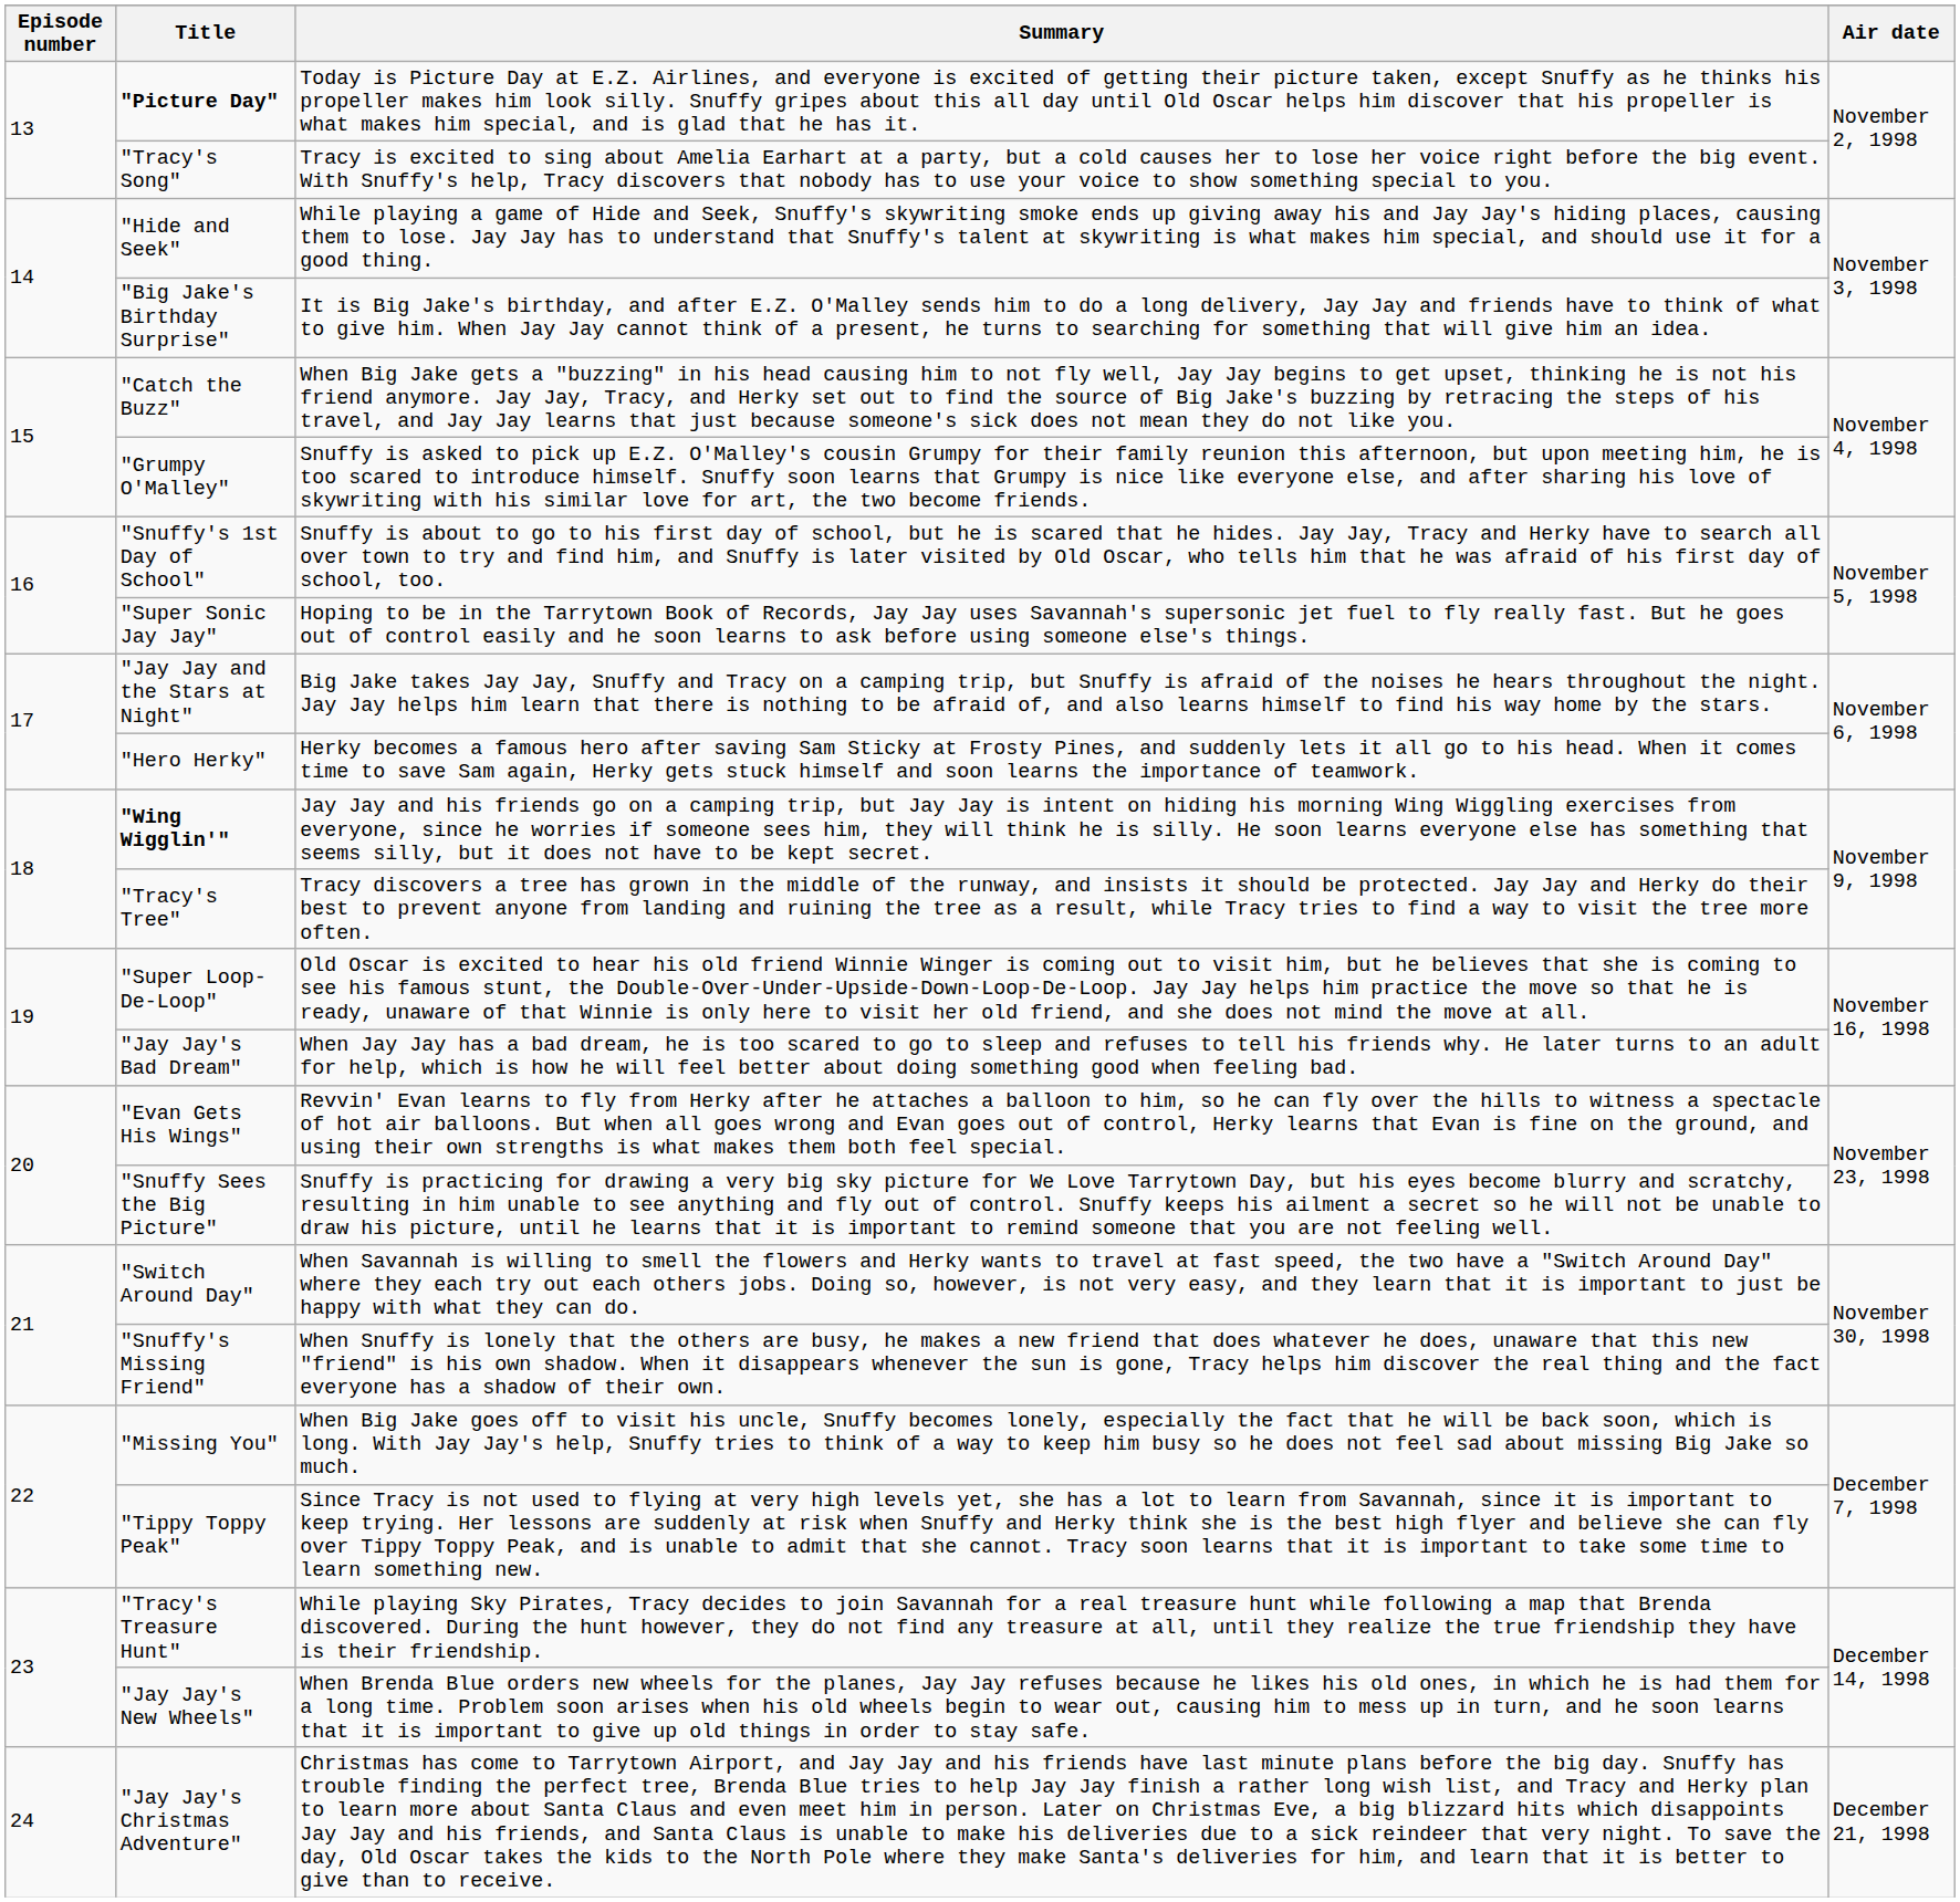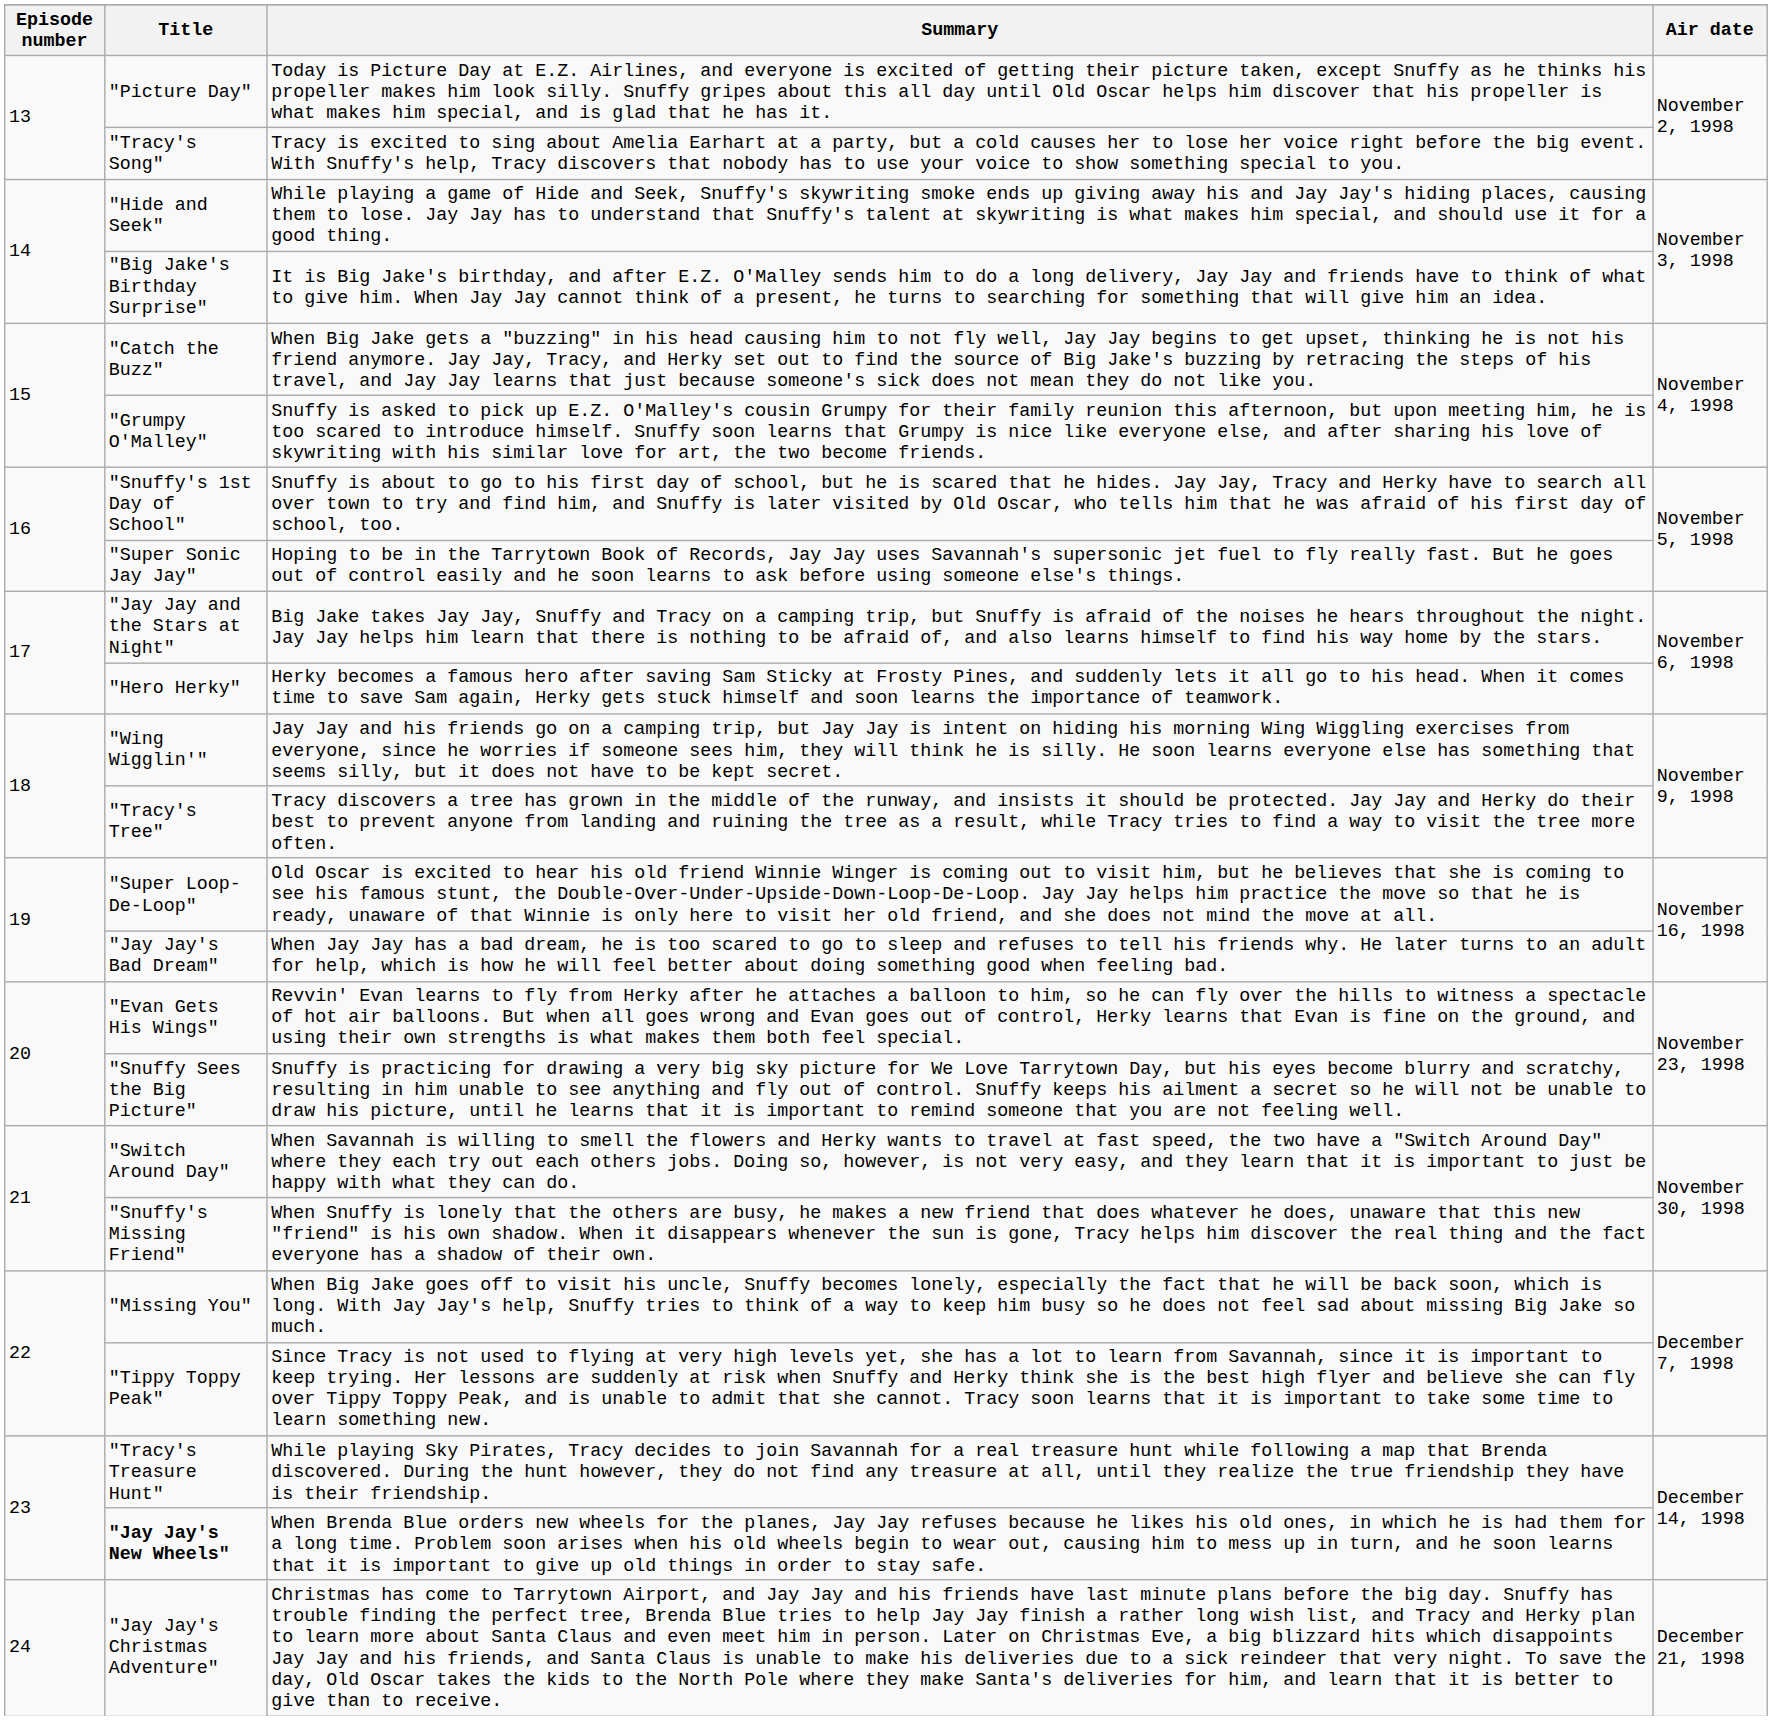 <table class="wikitable">
 <tr style="background-color:#f03;text-align:center;">
 </tr>
 <tr>
 <th>Episode number</th>
 <th>Title</th>
 <th>Summary</th>
 <th>Air date</th>
 </tr>
 <tr>
 <td rowspan="2">13</td>
-<td><strong>"Picture Day"</strong></td>
+<td>"Picture Day"</td>
 <td>Today is Picture Day at E.Z. Airlines, and everyone is excited of getting their picture taken, except Snuffy as he thinks his propeller makes him look silly. Snuffy gripes about this all day until Old Oscar helps him discover that his propeller is what makes him special, and is glad that he has it.</td>
 <td rowspan="2">November 2, 1998</td>
 </tr>
 <tr>
 <td>"Tracy's Song"</td>
 <td>Tracy is excited to sing about Amelia Earhart at a party, but a cold causes her to lose her voice right before the big event. With Snuffy's help, Tracy discovers that nobody has to use your voice to show something special to you.</td>
 </tr>
 <tr>
 <td rowspan="2">14</td>
 <td>"Hide and Seek"</td>
 <td>While playing a game of Hide and Seek, Snuffy's skywriting smoke ends up giving away his and Jay Jay's hiding places, causing them to lose. Jay Jay has to understand that Snuffy's talent at skywriting is what makes him special, and should use it for a good thing.</td>
 <td rowspan="2">November 3, 1998</td>
 </tr>
 <tr>
 <td>"Big Jake's Birthday Surprise"</td>
 <td>It is Big Jake's birthday, and after E.Z. O'Malley sends him to do a long delivery, Jay Jay and friends have to think of what to give him. When Jay Jay cannot think of a present, he turns to searching for something that will give him an idea.</td>
 </tr>
 <tr>
 <td rowspan="2">15</td>
 <td>"Catch the Buzz"</td>
 <td>When Big Jake gets a "buzzing" in his head causing him to not fly well, Jay Jay begins to get upset, thinking he is not his friend anymore. Jay Jay, Tracy, and Herky set out to find the source of Big Jake's buzzing by retracing the steps of his travel, and Jay Jay learns that just because someone's sick does not mean they do not like you.</td>
 <td rowspan="2">November 4, 1998</td>
 </tr>
 <tr>
 <td>"Grumpy O'Malley"</td>
 <td>Snuffy is asked to pick up E.Z. O'Malley's cousin Grumpy for their family reunion this afternoon, but upon meeting him, he is too scared to introduce himself. Snuffy soon learns that Grumpy is nice like everyone else, and after sharing his love of skywriting with his similar love for art, the two become friends.</td>
 </tr>
 <tr>
 <td rowspan="2">16</td>
 <td>"Snuffy's 1st Day of School"</td>
 <td>Snuffy is about to go to his first day of school, but he is scared that he hides. Jay Jay, Tracy and Herky have to search all over town to try and find him, and Snuffy is later visited by Old Oscar, who tells him that he was afraid of his first day of school, too.</td>
 <td rowspan="2">November 5, 1998</td>
 </tr>
 <tr>
 <td>"Super Sonic Jay Jay"</td>
 <td>Hoping to be in the Tarrytown Book of Records, Jay Jay uses Savannah's supersonic jet fuel to fly really fast. But he goes out of control easily and he soon learns to ask before using someone else's things.</td>
 </tr>
 <tr>
 <td rowspan="2">17</td>
 <td>"Jay Jay and the Stars at Night"</td>
 <td>Big Jake takes Jay Jay, Snuffy and Tracy on a camping trip, but Snuffy is afraid of the noises he hears throughout the night. Jay Jay helps him learn that there is nothing to be afraid of, and also learns himself to find his way home by the stars.</td>
 <td rowspan="2">November 6, 1998</td>
 </tr>
 <tr>
 <td>"Hero Herky"</td>
 <td>Herky becomes a famous hero after saving Sam Sticky at Frosty Pines, and suddenly lets it all go to his head. When it comes time to save Sam again, Herky gets stuck himself and soon learns the importance of teamwork.</td>
 </tr>
 <tr>
 <td rowspan="2">18</td>
-<td><strong>"Wing Wigglin'"</strong></td>
+<td>"Wing Wigglin'"</td>
 <td>Jay Jay and his friends go on a camping trip, but Jay Jay is intent on hiding his morning Wing Wiggling exercises from everyone, since he worries if someone sees him, they will think he is silly. He soon learns everyone else has something that seems silly, but it does not have to be kept secret.</td>
 <td rowspan="2">November 9, 1998</td>
 </tr>
 <tr>
 <td>"Tracy's Tree"</td>
 <td>Tracy discovers a tree has grown in the middle of the runway, and insists it should be protected. Jay Jay and Herky do their best to prevent anyone from landing and ruining the tree as a result, while Tracy tries to find a way to visit the tree more often.</td>
 </tr>
 <tr>
 <td rowspan="2">19</td>
 <td>"Super Loop-De-Loop"</td>
 <td>Old Oscar is excited to hear his old friend Winnie Winger is coming out to visit him, but he believes that she is coming to see his famous stunt, the Double-Over-Under-Upside-Down-Loop-De-Loop. Jay Jay helps him practice the move so that he is ready, unaware of that Winnie is only here to visit her old friend, and she does not mind the move at all.</td>
 <td rowspan="2">November 16, 1998</td>
 </tr>
 <tr>
 <td>"Jay Jay's Bad Dream"</td>
 <td>When Jay Jay has a bad dream, he is too scared to go to sleep and refuses to tell his friends why. He later turns to an adult for help, which is how he will feel better about doing something good when feeling bad.</td>
 </tr>
 <tr>
 <td rowspan="2">20</td>
 <td>"Evan Gets His Wings"</td>
 <td>Revvin' Evan learns to fly from Herky after he attaches a balloon to him, so he can fly over the hills to witness a spectacle of hot air balloons. But when all goes wrong and Evan goes out of control, Herky learns that Evan is fine on the ground, and using their own strengths is what makes them both feel special.</td>
 <td rowspan="2">November 23, 1998</td>
 </tr>
 <tr>
 <td>"Snuffy Sees the Big Picture"</td>
 <td>Snuffy is practicing for drawing a very big sky picture for We Love Tarrytown Day, but his eyes become blurry and scratchy, resulting in him unable to see anything and fly out of control. Snuffy keeps his ailment a secret so he will not be unable to draw his picture, until he learns that it is important to remind someone that you are not feeling well.</td>
 </tr>
 <tr>
 <td rowspan="2">21</td>
 <td>"Switch Around Day"</td>
 <td>When Savannah is willing to smell the flowers and Herky wants to travel at fast speed, the two have a "Switch Around Day" where they each try out each others jobs. Doing so, however, is not very easy, and they learn that it is important to just be happy with what they can do.</td>
 <td rowspan="2">November 30, 1998</td>
 </tr>
 <tr>
 <td>"Snuffy's Missing Friend"</td>
 <td>When Snuffy is lonely that the others are busy, he makes a new friend that does whatever he does, unaware that this new "friend" is his own shadow. When it disappears whenever the sun is gone, Tracy helps him discover the real thing and the fact everyone has a shadow of their own.</td>
 </tr>
 <tr>
 <td rowspan="2">22</td>
 <td>"Missing You"</td>
 <td>When Big Jake goes off to visit his uncle, Snuffy becomes lonely, especially the fact that he will be back soon, which is long. With Jay Jay's help, Snuffy tries to think of a way to keep him busy so he does not feel sad about missing Big Jake so much.</td>
 <td rowspan="2">December 7, 1998</td>
 </tr>
 <tr>
 <td>"Tippy Toppy Peak"</td>
 <td>Since Tracy is not used to flying at very high levels yet, she has a lot to learn from Savannah, since it is important to keep trying. Her lessons are suddenly at risk when Snuffy and Herky think she is the best high flyer and believe she can fly over Tippy Toppy Peak, and is unable to admit that she cannot. Tracy soon learns that it is important to take some time to learn something new.</td>
 </tr>
 <tr>
 <td rowspan="2">23</td>
 <td>"Tracy's Treasure Hunt"</td>
 <td>While playing Sky Pirates, Tracy decides to join Savannah for a real treasure hunt while following a map that Brenda discovered. During the hunt however, they do not find any treasure at all, until they realize the true friendship they have is their friendship.</td>
 <td rowspan="2">December 14, 1998</td>
 </tr>
 <tr>
-<td>"Jay Jay's New Wheels"</td>
+<td><strong>"Jay Jay's New Wheels"</strong></td>
 <td>When Brenda Blue orders new wheels for the planes, Jay Jay refuses because he likes his old ones, in which he is had them for a long time. Problem soon arises when his old wheels begin to wear out, causing him to mess up in turn, and he soon learns that it is important to give up old things in order to stay safe.</td>
 </tr>
 <tr>
 <td rowspan="2">24</td>
 <td rowspan="2">"Jay Jay's Christmas Adventure"</td>
 <td>Christmas has come to Tarrytown Airport, and Jay Jay and his friends have last minute plans before the big day. Snuffy has trouble finding the perfect tree, Brenda Blue tries to help Jay Jay finish a rather long wish list, and Tracy and Herky plan to learn more about Santa Claus and even meet him in person. Later on Christmas Eve, a big blizzard hits which disappoints Jay Jay and his friends, and Santa Claus is unable to make his deliveries due to a sick reindeer that very night. To save the day, Old Oscar takes the kids to the North Pole where they make Santa's deliveries for him, and learn that it is better to give than to receive.</td>
 <td rowspan="2">December 21, 1998</td>
 </tr>
 <tr>
 </tr>
 </table>
